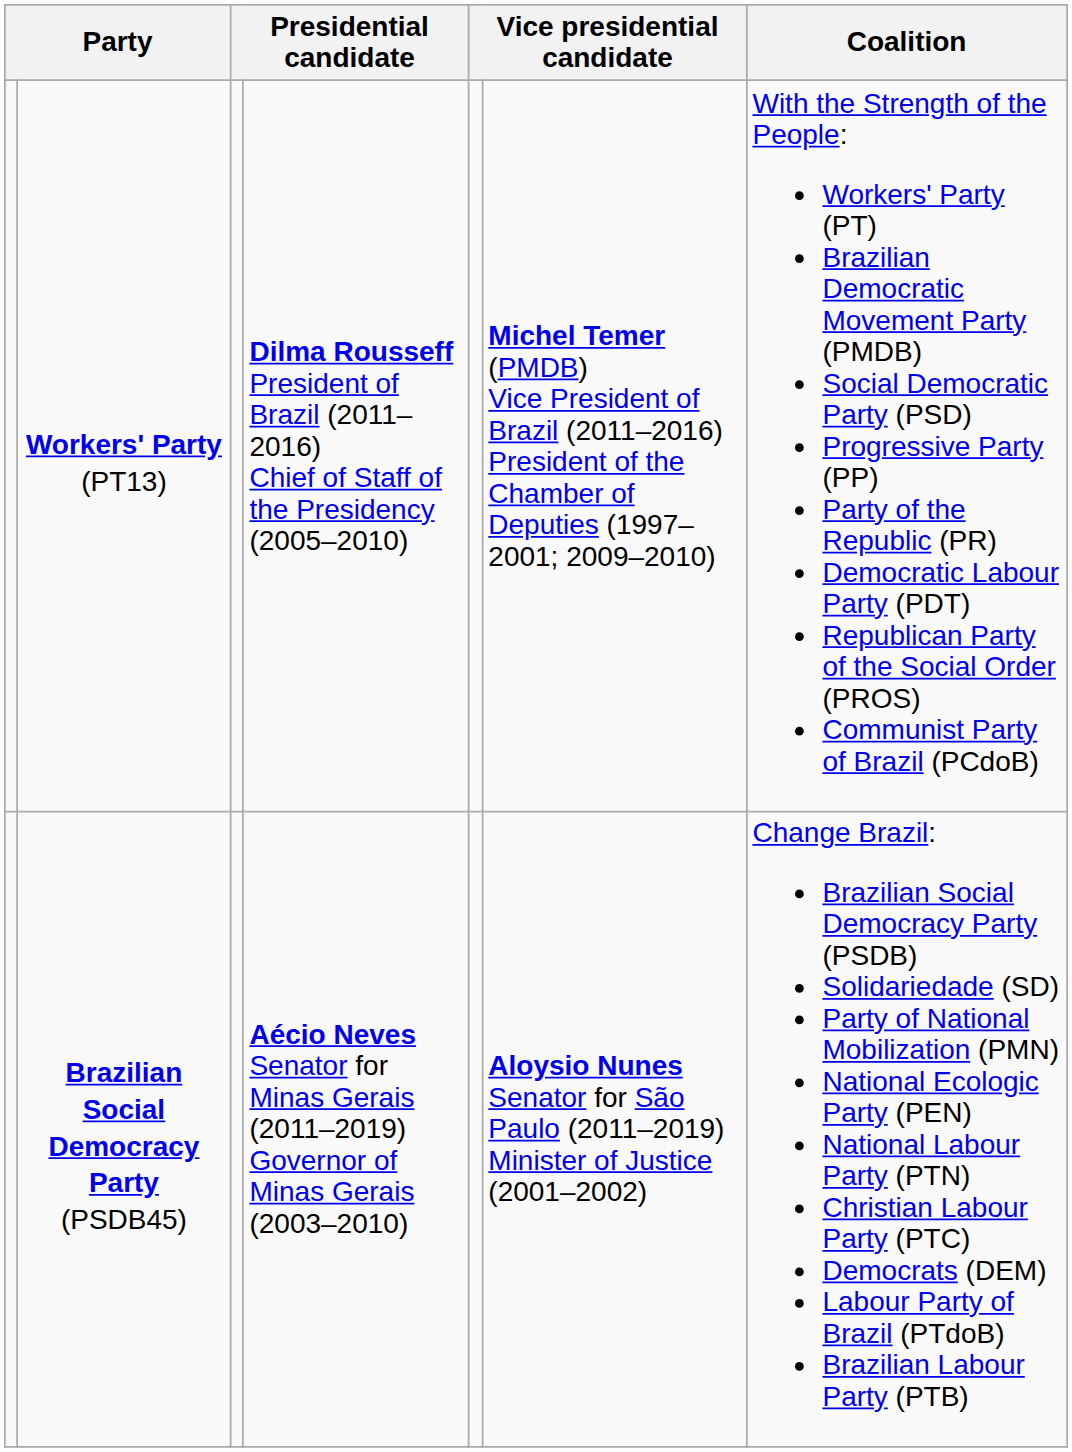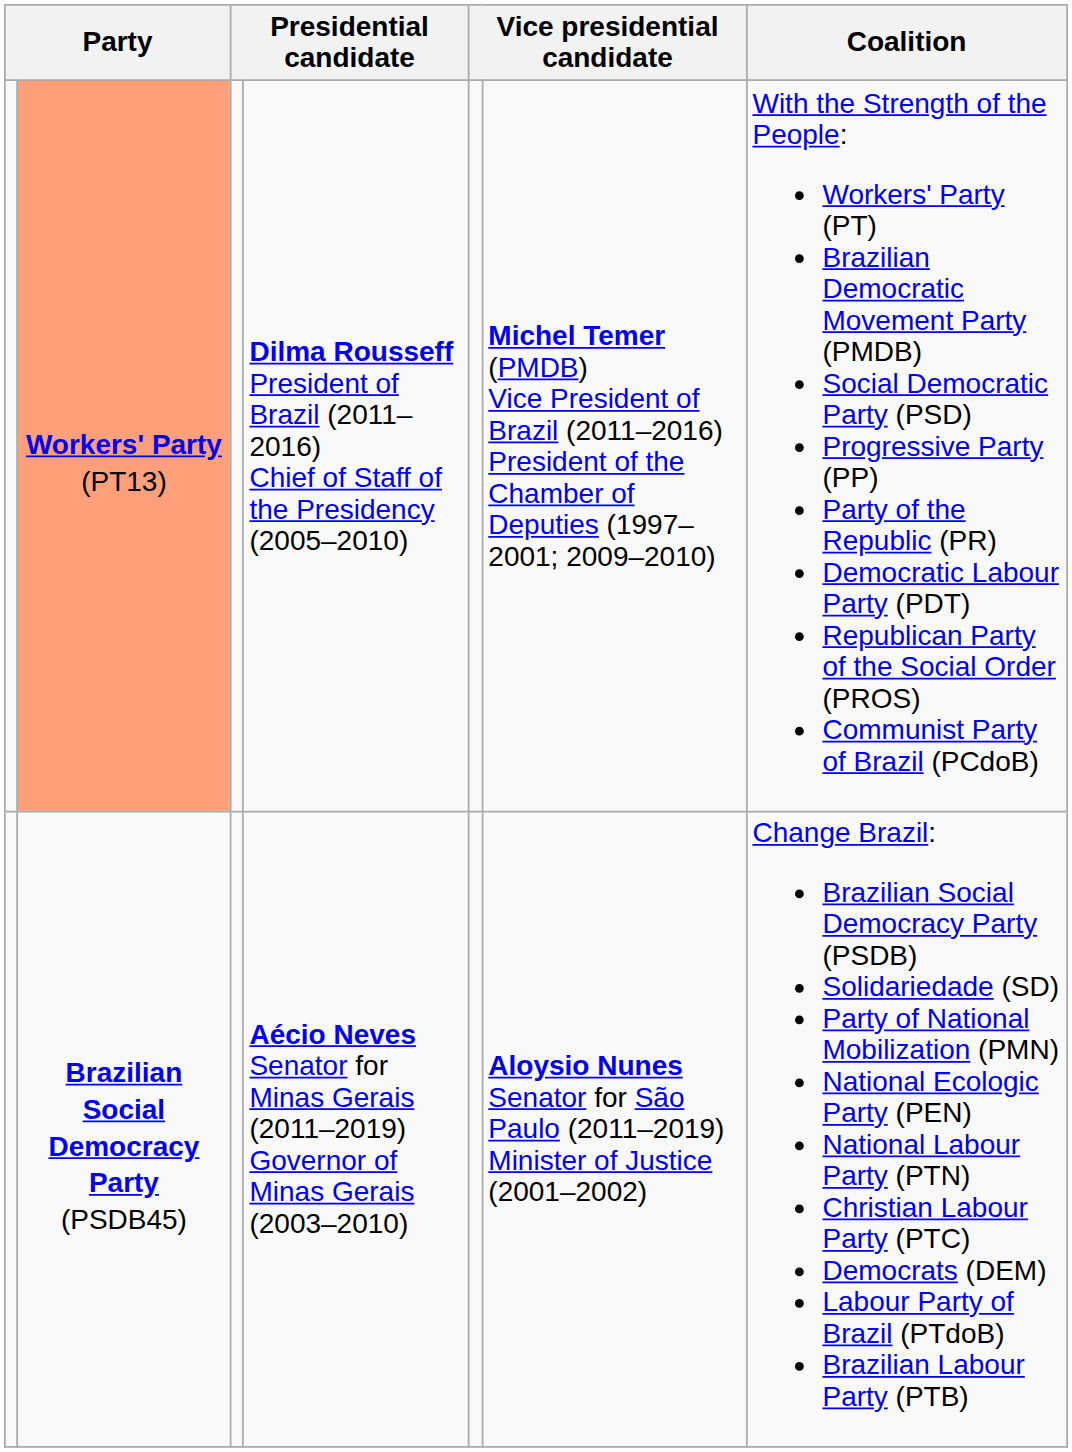 <table class="vertical-align-top wikitable">
 <tr>
 <th scope=colgroup colspan=2>Party</th>
 <th scope=colgroup colspan=2>Presidential candidate</th>
 <th scope=colgroup colspan=2>Vice presidential candidate</th>
 <th scope=col>Coalition</th>
 </tr>
 <tr>
 <td style=background:></td>
-<td style="text-align:center; line-height:1.3"><br><strong><a href='#'>Workers' Party</a></strong><br>(PT13)</td>
+<td style="background: lightsalmon; text-align:center; line-height:1.3"><br><strong><a href='#'>Workers' Party</a></strong><br>(PT13)</td>
 <td></td>
 <td><strong><a href='#'>Dilma Rousseff</a></strong><br><a href='#'>President of Brazil</a> (2011–2016)<br><a href='#'>Chief of Staff of the Presidency</a> (2005–2010)</td>
 <td></td>
 <td><strong><a href='#'>Michel Temer</a></strong> (<a href='#'>PMDB</a>)<br><a href='#'>Vice President of Brazil</a> (2011–2016)<br><a href='#'>President of the Chamber of Deputies</a> (1997–2001; 2009–2010)</td>
 <td><a href='#'>With the Strength of the People</a>:<br><ul><li><a href='#'>Workers' Party</a> (PT)</li><li><a href='#'>Brazilian Democratic Movement Party</a> (PMDB)</li><li><a href='#'>Social Democratic Party</a> (PSD)</li><li><a href='#'>Progressive Party</a> (PP)</li><li><a href='#'>Party of the Republic</a> (PR)</li><li><a href='#'>Democratic Labour Party</a> (PDT)</li><li><a href='#'>Republican Party of the Social Order</a> (PROS)</li><li><a href='#'>Communist Party of Brazil</a> (PCdoB)</li></ul></td>
 </tr>
 <tr>
 <td style=background:></td>
 <td style="text-align:center; line-height:1.3"><br><strong><a href='#'>Brazilian Social Democracy Party</a></strong><br>(PSDB45)</td>
 <td></td>
 <td><strong><a href='#'>Aécio Neves</a></strong><br><a href='#'>Senator</a> for <a href='#'>Minas Gerais</a> (2011–2019)<br><a href='#'>Governor of Minas Gerais</a> (2003–2010)</td>
 <td></td>
 <td><strong><a href='#'>Aloysio Nunes</a></strong><br><a href='#'>Senator</a> for <a href='#'>São Paulo</a> (2011–2019)<br><a href='#'>Minister of Justice</a> (2001–2002)</td>
 <td><a href='#'>Change Brazil</a>:<br><ul><li><a href='#'>Brazilian Social Democracy Party</a> (PSDB)</li><li><a href='#'>Solidariedade</a> (SD)</li><li><a href='#'>Party of National Mobilization</a> (PMN)</li><li><a href='#'>National Ecologic Party</a> (PEN)</li><li><a href='#'>National Labour Party</a> (PTN)</li><li><a href='#'>Christian Labour Party</a> (PTC)</li><li><a href='#'>Democrats</a> (DEM)</li><li><a href='#'>Labour Party of Brazil</a> (PTdoB)</li><li><a href='#'>Brazilian Labour Party</a> (PTB)</li></ul></td>
 </tr>
 </table>
